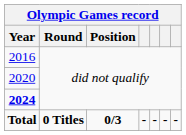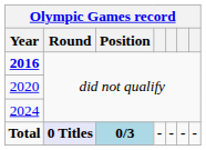 <table class = "wikitable" style = "text-align: center;">
 <tr>
 <th colspan = 10><a href='#'> Olympic Games record</a></th>
 </tr>
 <tr>
 <th>Year</th>
 <th>Round</th>
 <th>Position</th>
 <th></th>
 <th></th>
 <th></th>
 <th></th>
 </tr>
 <tr>
-<td> <a href='#'> 2016</a></td>
+<td><strong> <a href='#'> 2016</a></strong></td>
 <td colspan = "6" rowspan = 3><em>did not qualify</em></td>
 </tr>
 <tr>
 <td> <a href='#'> 2020</a></td>
 </tr>
 <tr>
-<td><strong> <a href='#'> 2024</a></strong></td>
+<td> <a href='#'> 2024</a></td>
 </tr>
 <tr>
 <td colspan = 1><strong>Total</strong></td>
-<td><strong>0 Titles</strong></td>
-<td><strong>0/3</strong></td>
+<td style="background: lavender;"><strong>0 Titles</strong></td>
+<td style="background: lightblue;"><strong>0/3</strong></td>
 <td><strong>-</strong></td>
 <td><strong>-</strong></td>
 <td><strong>-</strong></td>
 <td><strong>-</strong></td>
 </tr>
 </table>
